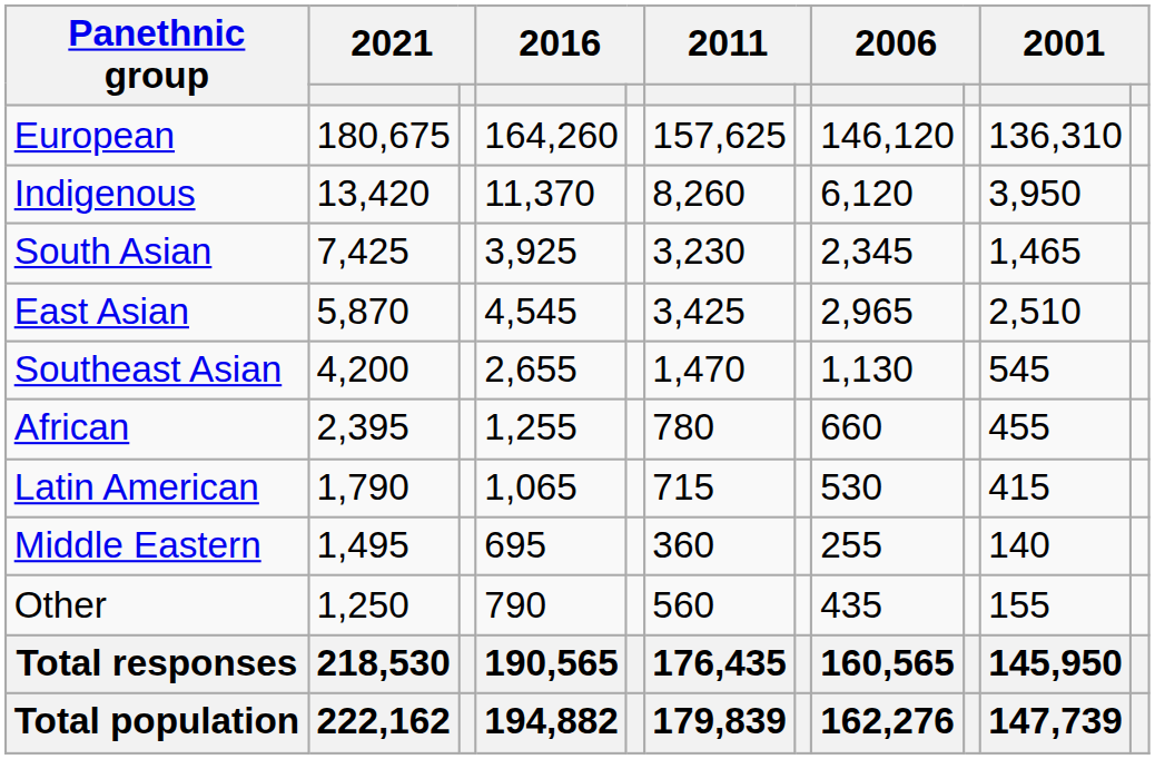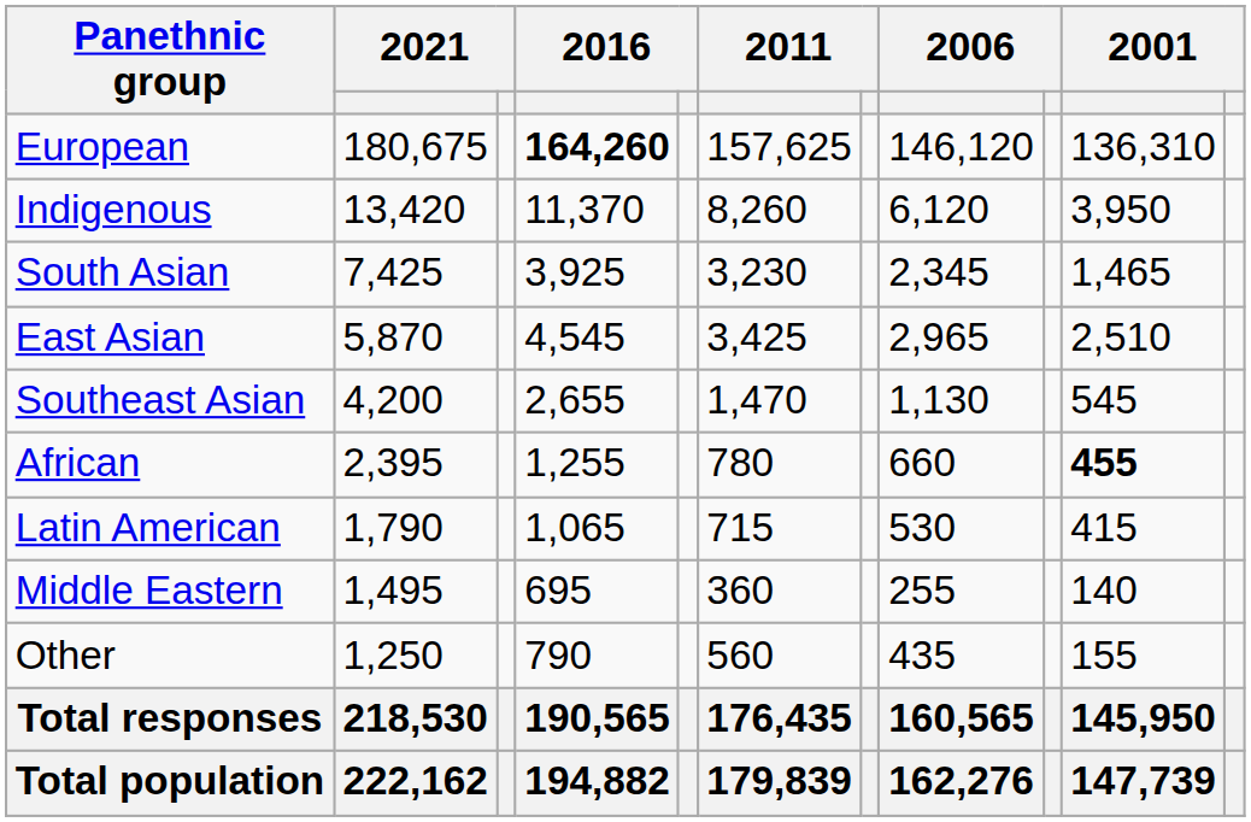 <table class="wikitable collapsible sortable">
 <tr>
 <th rowspan="2"><a href='#'>Panethnic</a><br>group</th>
 <th colspan="2">2021</th>
 <th colspan="2">2016</th>
 <th colspan="2">2011</th>
 <th colspan="2">2006</th>
 <th colspan="2">2001</th>
 </tr>
 <tr>
 <th><a href='#'></a></th>
 <th></th>
 <th></th>
 <th></th>
 <th></th>
 <th></th>
 <th></th>
 <th></th>
 <th></th>
 <th></th>
 </tr>
 <tr>
 <td><a href='#'>European</a></td>
 <td>180,675</td>
 <td></td>
-<td>164,260</td>
+<td><strong>164,260</strong></td>
 <td></td>
 <td>157,625</td>
 <td></td>
 <td>146,120</td>
 <td></td>
 <td>136,310</td>
 <td></td>
 </tr>
 <tr>
 <td><a href='#'>Indigenous</a></td>
 <td>13,420</td>
 <td></td>
 <td>11,370</td>
 <td></td>
 <td>8,260</td>
 <td></td>
 <td>6,120</td>
 <td></td>
 <td>3,950</td>
 <td></td>
 </tr>
 <tr>
 <td><a href='#'>South Asian</a></td>
 <td>7,425</td>
 <td></td>
 <td>3,925</td>
 <td></td>
 <td>3,230</td>
 <td></td>
 <td>2,345</td>
 <td></td>
 <td>1,465</td>
 <td></td>
 </tr>
 <tr>
 <td><a href='#'>East Asian</a></td>
 <td>5,870</td>
 <td></td>
 <td>4,545</td>
 <td></td>
 <td>3,425</td>
 <td></td>
 <td>2,965</td>
 <td></td>
 <td>2,510</td>
 <td></td>
 </tr>
 <tr>
 <td><a href='#'>Southeast Asian</a></td>
 <td>4,200</td>
 <td></td>
 <td>2,655</td>
 <td></td>
 <td>1,470</td>
 <td></td>
 <td>1,130</td>
 <td></td>
 <td>545</td>
 <td></td>
 </tr>
 <tr>
 <td><a href='#'>African</a></td>
 <td>2,395</td>
 <td></td>
 <td>1,255</td>
 <td></td>
 <td>780</td>
 <td></td>
 <td>660</td>
 <td></td>
-<td>455</td>
+<td><strong>455</strong></td>
 <td></td>
 </tr>
 <tr>
 <td><a href='#'>Latin American</a></td>
 <td>1,790</td>
 <td></td>
 <td>1,065</td>
 <td></td>
 <td>715</td>
 <td></td>
 <td>530</td>
 <td></td>
 <td>415</td>
 <td></td>
 </tr>
 <tr>
 <td><a href='#'>Middle Eastern</a></td>
 <td>1,495</td>
 <td></td>
 <td>695</td>
 <td></td>
 <td>360</td>
 <td></td>
 <td>255</td>
 <td></td>
 <td>140</td>
 <td></td>
 </tr>
 <tr>
 <td>Other</td>
 <td>1,250</td>
 <td></td>
 <td>790</td>
 <td></td>
 <td>560</td>
 <td></td>
 <td>435</td>
 <td></td>
 <td>155</td>
 <td></td>
 </tr>
 <tr>
 <th>Total responses</th>
 <th>218,530</th>
 <th></th>
 <th>190,565</th>
 <th></th>
 <th>176,435</th>
 <th></th>
 <th>160,565</th>
 <th></th>
 <th>145,950</th>
 <th></th>
 </tr>
 <tr>
 <th>Total population</th>
 <th>222,162</th>
 <th></th>
 <th>194,882</th>
 <th></th>
 <th>179,839</th>
 <th></th>
 <th>162,276</th>
 <th></th>
 <th>147,739</th>
 <th></th>
 </tr>
 </table>
